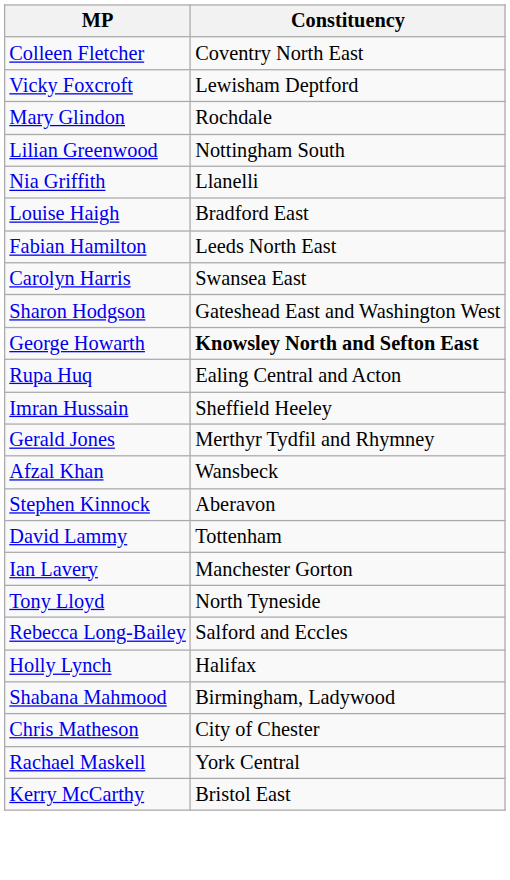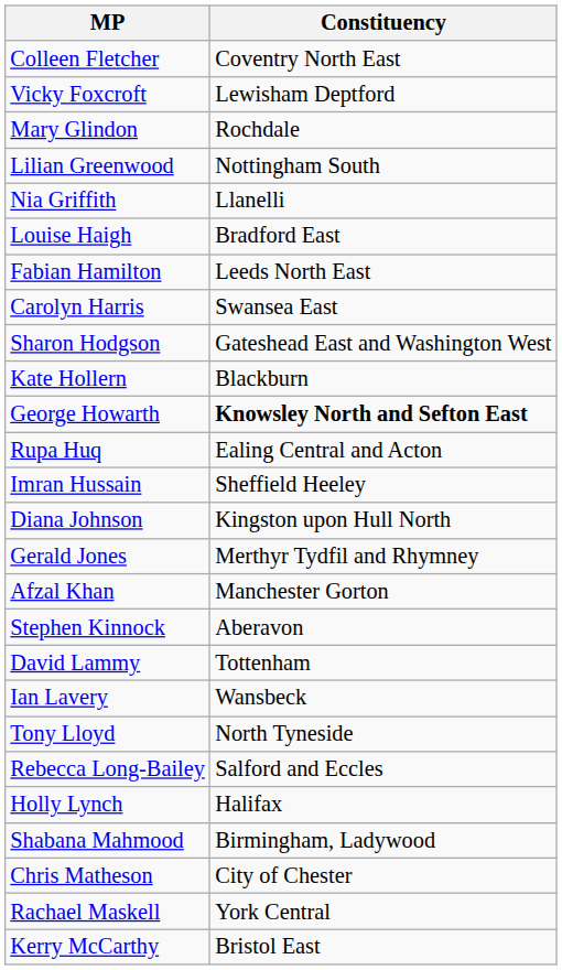 <table class="wikitable" style="display: inline-table;">
 <tr>
 <th>MP</th>
 <th>Constituency</th>
 </tr>
 <tr>
 <td><a href='#'>Colleen Fletcher</a></td>
 <td>Coventry North East</td>
 </tr>
 <tr>
 <td><a href='#'>Vicky Foxcroft</a></td>
 <td>Lewisham Deptford</td>
 </tr>
 <tr>
 <td><a href='#'>Mary Glindon</a></td>
 <td>Rochdale</td>
 </tr>
 <tr>
 <td><a href='#'>Lilian Greenwood</a></td>
 <td>Nottingham South</td>
 </tr>
 <tr>
 <td><a href='#'>Nia Griffith</a></td>
 <td>Llanelli</td>
 </tr>
 <tr>
 <td><a href='#'>Louise Haigh</a></td>
 <td>Bradford East</td>
 </tr>
 <tr>
 <td><a href='#'>Fabian Hamilton</a></td>
 <td>Leeds North East</td>
 </tr>
 <tr>
 <td><a href='#'>Carolyn Harris</a></td>
 <td>Swansea East</td>
 </tr>
 <tr>
 <td><a href='#'>Sharon Hodgson</a></td>
 <td>Gateshead East and Washington West</td>
 </tr>
 <tr>
+<td><a href='#'>Kate Hollern</a></td>
+<td>Blackburn</td>
+</tr>
+<tr>
 <td><a href='#'>George Howarth</a></td>
 <td><strong>Knowsley North and Sefton East</strong></td>
 </tr>
 <tr>
 <td><a href='#'>Rupa Huq</a></td>
 <td>Ealing Central and Acton</td>
 </tr>
 <tr>
 <td><a href='#'>Imran Hussain</a></td>
 <td>Sheffield Heeley</td>
 </tr>
 <tr>
+<td><a href='#'>Diana Johnson</a></td>
+<td>Kingston upon Hull North</td>
+</tr>
+<tr>
 <td><a href='#'>Gerald Jones</a></td>
 <td>Merthyr Tydfil and Rhymney</td>
 </tr>
 <tr>
 <td><a href='#'>Afzal Khan</a></td>
-<td>Wansbeck</td>
+<td>Manchester Gorton</td>
 </tr>
 <tr>
 <td><a href='#'>Stephen Kinnock</a></td>
 <td>Aberavon</td>
 </tr>
 <tr>
 <td><a href='#'>David Lammy</a></td>
 <td>Tottenham</td>
 </tr>
 <tr>
 <td><a href='#'>Ian Lavery</a></td>
-<td>Manchester Gorton</td>
+<td>Wansbeck</td>
 </tr>
 <tr>
 <td><a href='#'>Tony Lloyd</a></td>
 <td>North Tyneside</td>
 </tr>
 <tr>
 <td><a href='#'>Rebecca Long-Bailey</a></td>
 <td>Salford and Eccles</td>
 </tr>
 <tr>
 <td><a href='#'>Holly Lynch</a></td>
 <td>Halifax</td>
 </tr>
 <tr>
 <td><a href='#'>Shabana Mahmood</a></td>
 <td>Birmingham, Ladywood</td>
 </tr>
 <tr>
 <td><a href='#'>Chris Matheson</a></td>
 <td>City of Chester</td>
 </tr>
 <tr>
 <td><a href='#'>Rachael Maskell</a></td>
 <td>York Central</td>
 </tr>
 <tr>
 <td><a href='#'>Kerry McCarthy</a></td>
 <td>Bristol East</td>
 </tr>
 </table>
